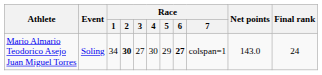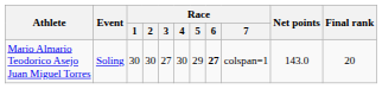 <table class="wikitable" style="font-size:90%">
 <tr>
 <th rowspan="2">Athlete</th>
 <th rowspan="2">Event</th>
 <th colspan=7>Race</th>
 <th rowspan=2>Net points</th>
 <th rowspan=2>Final rank</th>
 </tr>
 <tr style="font-size:95%">
 <th>1</th>
 <th>2</th>
 <th>3</th>
 <th>4</th>
 <th>5</th>
 <th>6</th>
 <th>7</th>
 </tr>
 <tr align=center>
 <td align=left><a href='#'>Mario Almario</a><br><a href='#'>Teodorico Asejo</a><br><a href='#'>Juan Miguel Torres</a></td>
 <td align=left><a href='#'>Soling</a></td>
-<td>34</td>
-<td><strong>30</strong></td>
+<td>30</td>
+<td>30</td>
 <td>27</td>
 <td>30</td>
 <td>29</td>
 <td><strong>27</strong></td>
 <td>colspan=1 </td>
 <td>143.0</td>
-<td>24</td>
+<td>20</td>
 </tr>
 </table>
